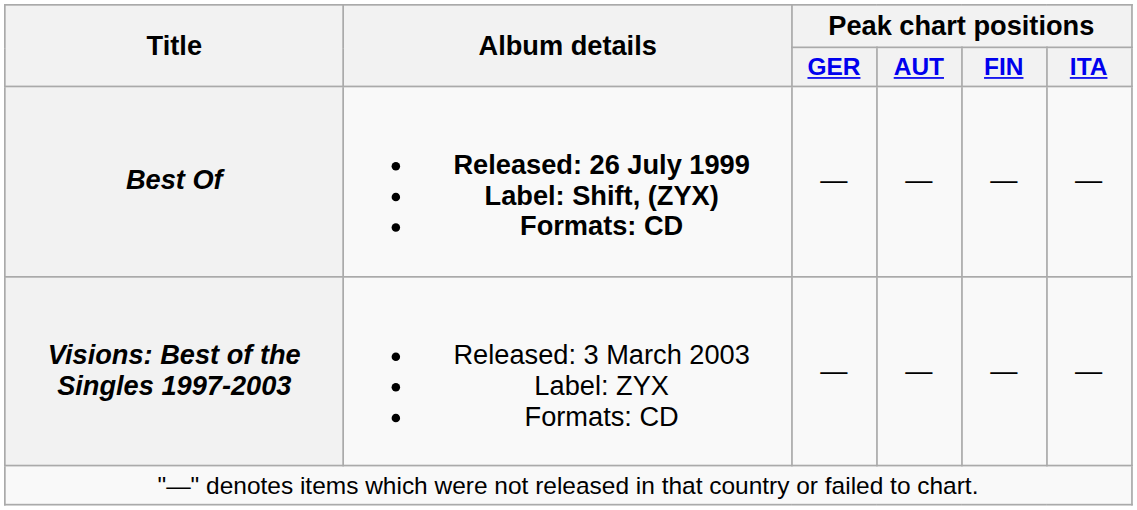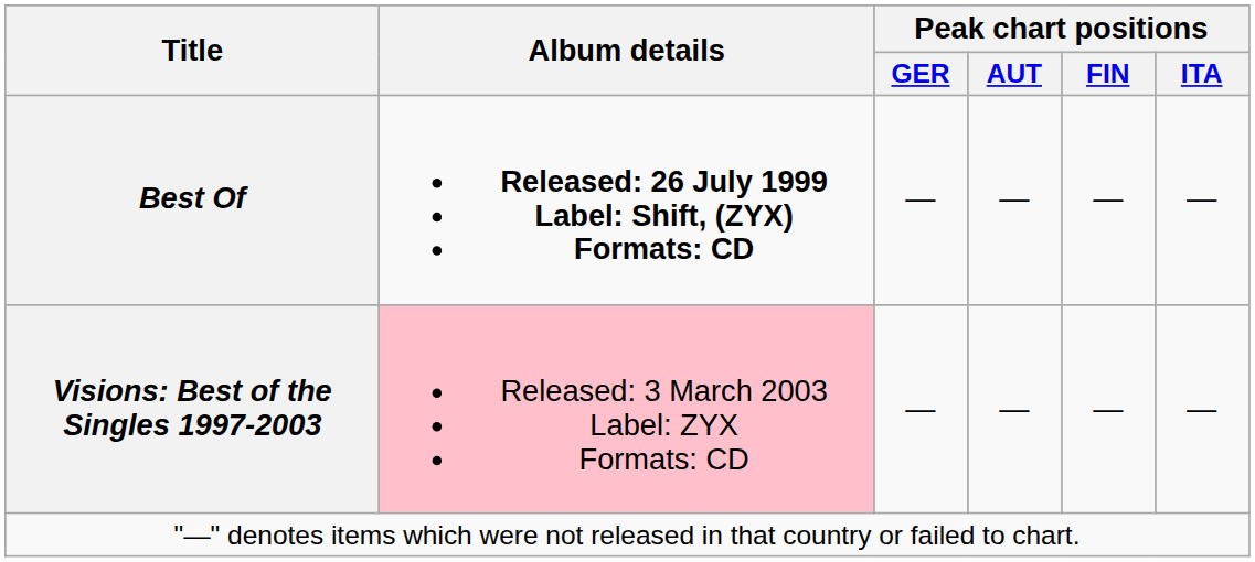 <table class="wikitable plainrowheaders" style="text-align:center;">
 <tr>
 <th scope="col" rowspan="2" style="width:12em;">Title</th>
 <th scope="col" rowspan="2" style="width:16em;">Album details</th>
 <th scope="col" colspan="10">Peak chart positions</th>
 </tr>
 <tr>
 <th scope="col" style="width:3em;font-size:90%;"><a href='#'>GER</a><br></th>
 <th scope="col" style="width:3em;font-size:90%;"><a href='#'>AUT</a><br></th>
 <th scope="col" style="width:3em;font-size:90%;"><a href='#'>FIN</a><br></th>
 <th scope="col" style="width:3em;font-size:90%;"><a href='#'>ITA</a><br></th>
 </tr>
 <tr>
 <th scope="row"><em>Best Of</em></th>
 <td><strong><br><ul><li>Released: 26 July 1999</li><li>Label: Shift, (ZYX)</li><li>Formats: CD</li></ul></strong></td>
 <td>—</td>
 <td>—</td>
 <td>—</td>
 <td>—</td>
 </tr>
 <tr>
 <th scope="row"><em>Visions: Best of the Singles 1997-2003</em></th>
-<td><br><ul><li>Released: 3 March 2003</li><li>Label: ZYX</li><li>Formats: CD</li></ul></td>
+<td style="background: pink;"><br><ul><li>Released: 3 March 2003</li><li>Label: ZYX</li><li>Formats: CD</li></ul></td>
 <td>—</td>
 <td>—</td>
 <td>—</td>
 <td>—</td>
 </tr>
 <tr>
 <td colspan="15" style="font-size:90%;">"—" denotes items which were not released in that country or failed to chart.</td>
 </tr>
 </table>
